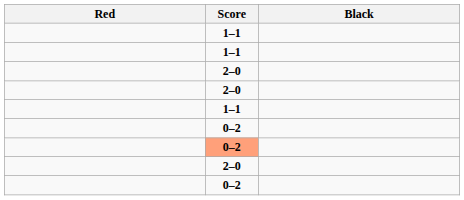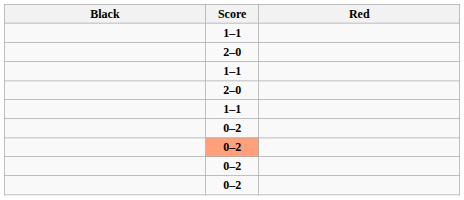 <table class="wikitable" style="text-align: center;">
 <tr>
+<th align="left" width="270">Black</th>
+<th width="65">Score</th>
 <th align="right" width="270">Red</th>
-<th width="65">Score</th>
-<th align="left" width="270">Black</th>
 </tr>
 <tr>
 <td align=left></td>
 <td align=center><strong>1–1</strong></td>
 <td align=left></td>
 </tr>
 <tr>
 <td align=left></td>
-<td align=center><strong>1–1</strong></td>
-<td align=left></td>
-</tr>
-<tr>
-<td align=left><strong></strong></td>
-<td align=center><strong>2–0</strong></td>
-<td align=left></td>
-</tr>
-<tr>
-<td align=left><strong></strong></td>
 <td align=center><strong>2–0</strong></td>
 <td align=left></td>
 </tr>
 <tr>
 <td align=left></td>
 <td align=center><strong>1–1</strong></td>
+<td align=left><strong></strong></td>
+</tr>
+<tr>
+<td align=left></td>
+<td align=center><strong>2–0</strong></td>
+<td align=left><strong></strong></td>
+</tr>
+<tr>
+<td align=left></td>
+<td align=center><strong>1–1</strong></td>
+<td align=left></td>
+</tr>
+<tr>
+<td align=left><strong></strong></td>
+<td align=center><strong>0–2</strong></td>
+<td align=left></td>
+</tr>
+<tr>
+<td align=left><strong></strong></td>
+<td align=center style="background: lightsalmon;"><strong>0–2</strong></td>
 <td align=left></td>
 </tr>
 <tr>
 <td align=left></td>
 <td align=center><strong>0–2</strong></td>
 <td align=left><strong></strong></td>
 </tr>
 <tr>
-<td align=left></td>
-<td align=center style="background: lightsalmon;"><strong>0–2</strong></td>
 <td align=left><strong></strong></td>
-</tr>
-<tr>
-<td align=left><strong></strong></td>
-<td align=center><strong>2–0</strong></td>
+<td align=center><strong>0–2</strong></td>
 <td align=left></td>
 </tr>
-<tr>
-<td align=left></td>
-<td align=center><strong>0–2</strong></td>
-<td align=left><strong></strong></td>
-</tr>
 </table>
